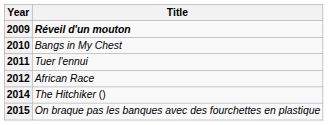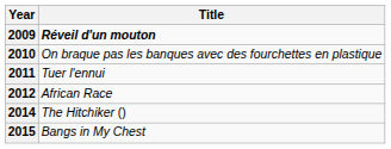 <table class="wikitable plainrowheaders">
 <tr>
 <th>Year</th>
 <th>Title</th>
 </tr>
 <tr>
 <th scope="row"><strong>2009</strong></th>
 <td><strong><em>Réveil d'un mouton</em></strong></td>
 </tr>
 <tr>
 <th scope="row"><strong>2010</strong></th>
-<td><em>Bangs in My Chest</em></td>
+<td><em>On braque pas les banques avec des fourchettes en plastique</em></td>
 </tr>
 <tr>
 <th scope="row"><strong>2011</strong></th>
 <td><em>Tuer l'ennui</em></td>
 </tr>
 <tr>
 <th scope="row"><strong>2012</strong></th>
 <td><em>African Race</em></td>
 </tr>
 <tr>
 <th scope="row"><strong>2014</strong></th>
 <td><em>The Hitchiker</em> ()</td>
 </tr>
 <tr>
 <th scope="row"><strong>2015</strong></th>
-<td><em>On braque pas les banques avec des fourchettes en plastique</em></td>
+<td><em>Bangs in My Chest</em></td>
 </tr>
 </table>
